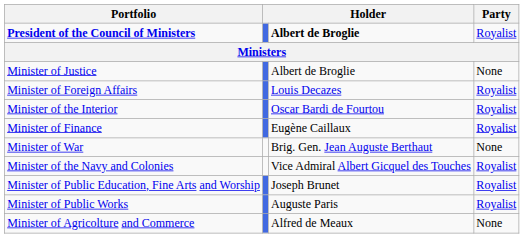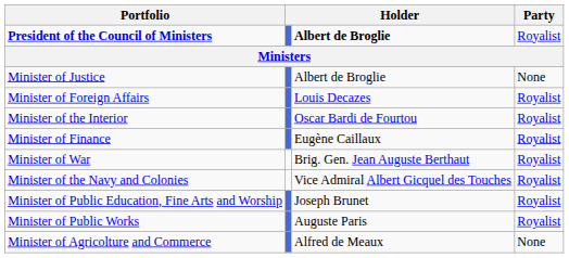 <table class="wikitable">
 <tr>
 <th>Portfolio</th>
 <th colspan=2>Holder</th>
 <th>Party</th>
 </tr>
 <tr>
 <td><strong><a href='#'>President of the Council of Ministers</a></strong></td>
 <td style="background:#4169E1;"></td>
 <td><strong>Albert de Broglie</strong></td>
 <td><a href='#'>Royalist</a></td>
 </tr>
 <tr>
 <th colspan=4 align=center><a href='#'>Ministers</a></th>
 </tr>
 <tr>
 <td><a href='#'>Minister of Justice</a></td>
 <td style="background:#4169E1;"></td>
 <td>Albert de Broglie</td>
 <td>None</td>
 </tr>
 <tr>
 <td><a href='#'>Minister of Foreign Affairs</a></td>
 <td style="background:#4169E1;"></td>
 <td><a href='#'>Louis Decazes</a></td>
 <td><a href='#'>Royalist</a></td>
 </tr>
 <tr>
 <td><a href='#'>Minister of the Interior</a></td>
 <td style="background:#4169E1;"></td>
 <td><a href='#'>Oscar Bardi de Fourtou</a></td>
 <td><a href='#'>Royalist</a></td>
 </tr>
 <tr>
 <td><a href='#'>Minister of Finance</a></td>
 <td style="background:#4169E1;"></td>
 <td>Eugène Caillaux</td>
 <td><a href='#'>Royalist</a></td>
 </tr>
 <tr>
 <td><a href='#'>Minister of War</a></td>
 <td style="background:"></td>
 <td>Brig. Gen. <a href='#'>Jean Auguste Berthaut</a></td>
-<td>None</td>
+<td><a href='#'>Royalist</a></td>
 </tr>
 <tr>
 <td><a href='#'>Minister of the Navy and Colonies</a></td>
 <td style="background:"></td>
 <td>Vice Admiral <a href='#'>Albert Gicquel des Touches</a></td>
 <td><a href='#'>Royalist</a></td>
 </tr>
 <tr>
 <td><a href='#'>Minister of Public Education, Fine Arts</a> <a href='#'>and Worship</a></td>
 <td style="background:#4169E1;"></td>
 <td>Joseph Brunet</td>
 <td><a href='#'>Royalist</a></td>
 </tr>
 <tr>
 <td><a href='#'>Minister of Public Works</a></td>
 <td style="background:#4169E1;"></td>
 <td>Auguste Paris</td>
 <td><a href='#'>Royalist</a></td>
 </tr>
 <tr>
 <td><a href='#'>Minister of Agricolture</a> <a href='#'>and Commerce</a></td>
 <td style="background:#4169E1;"></td>
 <td>Alfred de Meaux</td>
 <td>None</td>
 </tr>
 </table>
